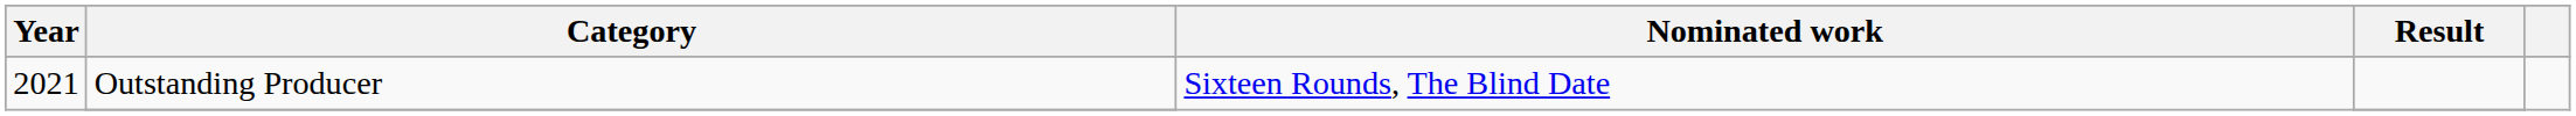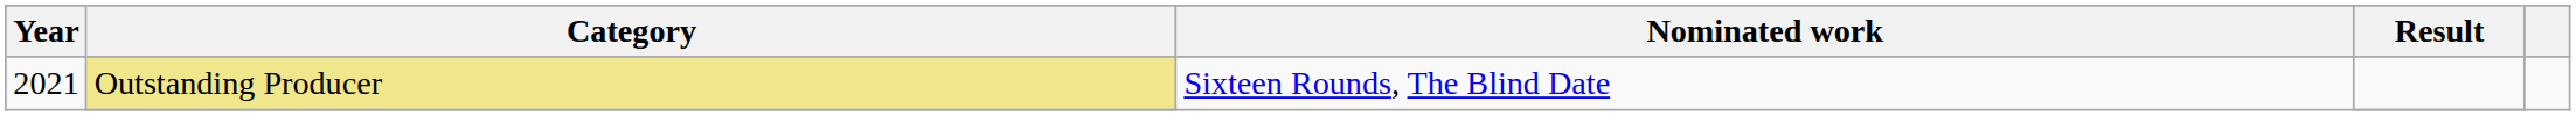 <table class=wikitable>
 <tr>
 <th scope="col" style="width:1em;">Year</th>
 <th scope="col" style="width:36em;">Category</th>
 <th scope="col" style="width:39em;">Nominated work</th>
 <th scope="col" style="width:5em;">Result</th>
 <th scope="col" style="width:1em;"></th>
 </tr>
 <tr>
 <td rowspan="4">2021</td>
-<td>Outstanding Producer</td>
+<td style="background: khaki;">Outstanding Producer</td>
 <td rowspan="4"><a href='#'>Sixteen Rounds</a>, <a href='#'>The Blind Date</a></td>
 <td></td>
 <td rowspan="4"></td>
 </tr>
 <tr>
 </tr>
 </table>
